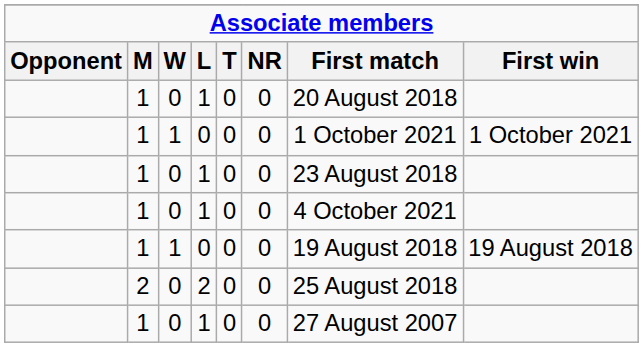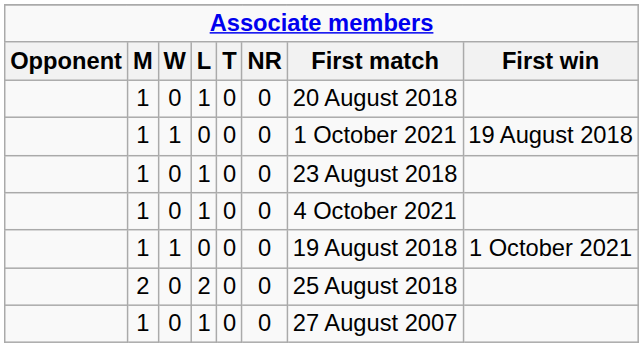 <table class="wikitable" style="text-align: center;">
 <tr>
 </tr>
 <tr>
 <td colspan="30" style="text-align: center;"><strong><a href='#'>Associate members</a></strong></td>
 </tr>
 <tr>
 <th>Opponent</th>
 <th>M</th>
 <th>W</th>
 <th>L</th>
 <th>T</th>
 <th>NR</th>
 <th>First match</th>
 <th>First win</th>
 </tr>
 <tr>
 <td></td>
 <td>1</td>
 <td>0</td>
 <td>1</td>
 <td>0</td>
 <td>0</td>
 <td>20 August 2018</td>
 <td></td>
 </tr>
 <tr>
 <td></td>
 <td>1</td>
 <td>1</td>
 <td>0</td>
 <td>0</td>
 <td>0</td>
 <td>1 October 2021</td>
-<td>1 October 2021</td>
+<td>19 August 2018</td>
 </tr>
 <tr>
 <td></td>
 <td>1</td>
 <td>0</td>
 <td>1</td>
 <td>0</td>
 <td>0</td>
 <td>23 August 2018</td>
 <td></td>
 </tr>
 <tr>
 <td></td>
 <td>1</td>
 <td>0</td>
 <td>1</td>
 <td>0</td>
 <td>0</td>
 <td>4 October 2021</td>
 <td></td>
 </tr>
 <tr>
 <td></td>
 <td>1</td>
 <td>1</td>
 <td>0</td>
 <td>0</td>
 <td>0</td>
 <td>19 August 2018</td>
-<td>19 August 2018</td>
+<td>1 October 2021</td>
 </tr>
 <tr>
 <td></td>
 <td>2</td>
 <td>0</td>
 <td>2</td>
 <td>0</td>
 <td>0</td>
 <td>25 August 2018</td>
 <td></td>
 </tr>
 <tr>
 <td></td>
 <td>1</td>
 <td>0</td>
 <td>1</td>
 <td>0</td>
 <td>0</td>
 <td>27 August 2007</td>
 <td></td>
 </tr>
 </table>
